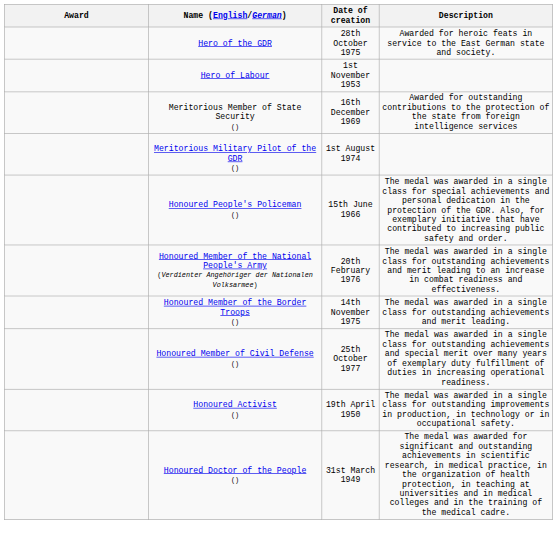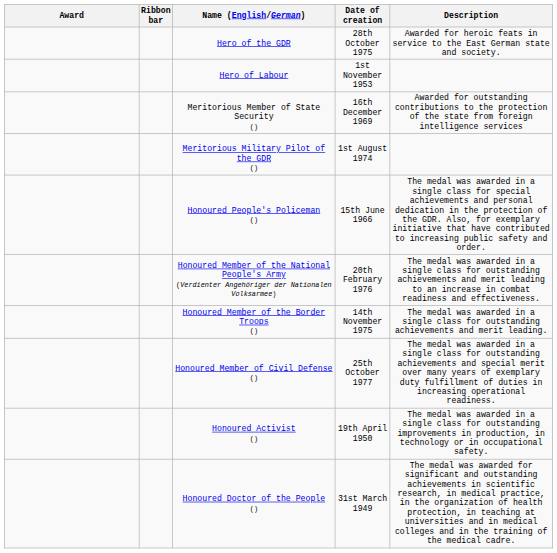 <table class="wikitable sortable" style="text-align:center">
 <tr>
 <th style="width:25%">Award</th>
+<th style="width:5%">Ribbon<br>bar</th>
 <th style="width:30%">Name (<a href='#'>English</a>/<em><a href='#'>German</a></em>)</th>
 <th style="width:10%">Date of<br>creation</th>
 <th style="width:30%">Description</th>
 </tr>
 <tr>
+<td></td>
 <td></td>
 <td><a href='#'>Hero of the GDR</a><br></td>
 <td>28th October 1975</td>
 <td>Awarded for heroic feats in service to the East German state and society.</td>
 </tr>
 <tr>
 <td></td>
+<td></td>
 <td><a href='#'>Hero of Labour</a><br></td>
 <td>1st November 1953</td>
 <td></td>
 </tr>
 <tr>
+<td></td>
 <td></td>
 <td><br>Meritorious Member of State Security<br> <small>()</small></td>
 <td>16th December 1969</td>
 <td>Awarded for outstanding contributions to the protection of the state from foreign intelligence services</td>
 </tr>
 <tr>
 <td><br></td>
+<td><br></td>
 <td><br><a href='#'>Meritorious Military Pilot of the GDR</a><br> <small>()</small></td>
 <td>1st August 1974</td>
 <td></td>
 </tr>
 <tr>
+<td></td>
 <td></td>
 <td><a href='#'>Honoured People's Policeman</a><br><small>()</small></td>
 <td>15th June 1966</td>
 <td>The medal was awarded in a single class for special achievements and personal dedication in the protection of the GDR. Also, for exemplary initiative that have contributed to increasing public safety and order.</td>
 </tr>
 <tr>
 <td></td>
+<td></td>
 <td><a href='#'>Honoured Member of the National People's Army</a><br><small>(<em>Verdienter Angehöriger der Nationalen Volksarmee</em>)</small></td>
 <td>20th February 1976</td>
 <td>The medal was awarded in a single class for outstanding achievements and merit leading to an increase in combat readiness and effectiveness.</td>
 </tr>
 <tr>
+<td></td>
 <td></td>
 <td><a href='#'>Honoured Member of the Border Troops</a><br><small>()</small></td>
 <td>14th November 1975</td>
 <td>The medal was awarded in a single class for outstanding achievements and merit leading.</td>
 </tr>
 <tr>
 <td></td>
+<td></td>
 <td><a href='#'>Honoured Member of Civil Defense</a><br><small>()</small></td>
 <td>25th October 1977</td>
 <td>The medal was awarded in a single class for outstanding achievements and special merit over many years of exemplary duty fulfillment of duties in increasing operational readiness.</td>
 </tr>
 <tr>
+<td></td>
 <td></td>
 <td><a href='#'>Honoured Activist</a><br><small>()</small></td>
 <td>19th April 1950</td>
 <td>The medal was awarded in a single class for outstanding improvements in production, in technology or in occupational safety.</td>
 </tr>
 <tr>
 <td></td>
+<td></td>
 <td><a href='#'>Honoured Doctor of the People</a><br><small>()</small></td>
 <td>31st March 1949</td>
 <td>The medal was awarded for significant and outstanding achievements in scientific research, in medical practice, in the organization of health protection, in teaching at universities and in medical colleges and in the training of the medical cadre.</td>
 </tr>
 </table>
